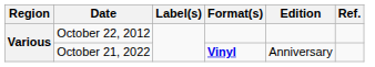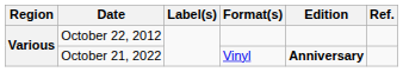 <table class="wikitable plainrowheaders">
 <tr>
 <th scope="col">Region</th>
 <th scope="col">Date</th>
 <th scope="col">Label(s)</th>
 <th scope="col">Format(s)</th>
 <th scope="col">Edition</th>
 <th scope="col">Ref.</th>
 </tr>
 <tr>
 <th scope="row" rowspan="2">Various</th>
 <td>October 22, 2012</td>
 <td rowspan="2"></td>
 <td></td>
 <td></td>
 <td style="text-align: center"></td>
 </tr>
 <tr>
 <td>October 21, 2022</td>
-<td><strong><a href='#'>Vinyl</a></strong></td>
-<td>Anniversary</td>
+<td><a href='#'>Vinyl</a></td>
+<td><strong>Anniversary</strong></td>
 <td style="text-align: center"></td>
 </tr>
 </table>
